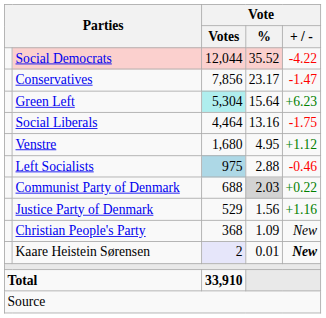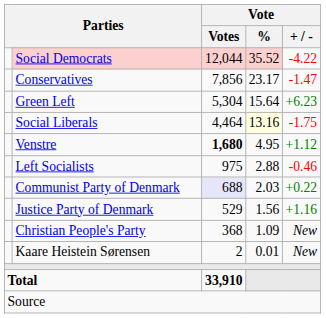 <table class="wikitable" style="text-align:right;">
 <tr>
 <th style="text-align:centre;" rowspan="2" colspan="2" width="225">Parties</th>
 <th colspan="3">Vote</th>
 </tr>
 <tr>
 <th width="15">Votes</th>
 <th width="15">%</th>
 <th width="15">+ / -</th>
 </tr>
 <tr>
 <td width="2" style="color:inherit;background:"></td>
 <td bgcolor=#fbd0ce  align="left"><a href='#'>Social Democrats</a></td>
 <td bgcolor=#fbd0ce>12,044</td>
 <td bgcolor=#fbd0ce>35.52</td>
 <td style=color:red;>-4.22</td>
 </tr>
 <tr>
 <td width="2" style="color:inherit;background:"></td>
 <td align="left"><a href='#'>Conservatives</a></td>
 <td>7,856</td>
 <td>23.17</td>
 <td style=color:red;>-1.47</td>
 </tr>
 <tr>
 <td width="2" style="color:inherit;background:"></td>
 <td align="left"><a href='#'>Green Left</a></td>
-<td style="background: paleturquoise;">5,304</td>
+<td>5,304</td>
 <td>15.64</td>
 <td style=color:green;>+6.23</td>
 </tr>
 <tr>
 <td width="2" style="color:inherit;background:"></td>
 <td align="left"><a href='#'>Social Liberals</a></td>
 <td>4,464</td>
-<td>13.16</td>
+<td style="background: lightyellow;">13.16</td>
 <td style=color:red;>-1.75</td>
 </tr>
 <tr>
 <td width="2" style="color:inherit;background:"></td>
 <td align="left"><a href='#'>Venstre</a></td>
-<td>1,680</td>
+<td><strong>1,680</strong></td>
 <td>4.95</td>
 <td style=color:green;>+1.12</td>
 </tr>
 <tr>
 <td width="2" style="color:inherit;background:"></td>
 <td align="left"><a href='#'>Left Socialists</a></td>
-<td style="background: lightblue;">975</td>
+<td>975</td>
 <td>2.88</td>
 <td style=color:red;>-0.46</td>
 </tr>
 <tr>
 <td width="2" style="color:inherit;background:"></td>
 <td align="left"><a href='#'>Communist Party of Denmark</a></td>
-<td>688</td>
-<td style="background: lightgrey;">2.03</td>
+<td style="background: lavender;">688</td>
+<td>2.03</td>
 <td style=color:green;>+0.22</td>
 </tr>
 <tr>
 <td width="2" style="color:inherit;background:"></td>
 <td align="left"><a href='#'>Justice Party of Denmark</a></td>
 <td>529</td>
 <td>1.56</td>
 <td style=color:green;>+1.16</td>
 </tr>
 <tr>
 <td width="2" style="color:inherit;background:"></td>
 <td align="left"><a href='#'>Christian People's Party</a></td>
 <td>368</td>
 <td>1.09</td>
 <td><em>New</em></td>
 </tr>
 <tr>
 <td width="2" style="color:inherit;background:"></td>
 <td align="left">Kaare Heistein Sørensen</td>
-<td style="background: lavender;">2</td>
+<td>2</td>
 <td>0.01</td>
-<td><strong><em>New</em></strong></td>
+<td><em>New</em></td>
 </tr>
 <tr>
 <td colspan="7" bgcolor="#E9E9E9"></td>
 </tr>
 <tr>
 <td align="left" colspan="2"><strong>Total</strong></td>
 <td><strong>33,910</strong></td>
 <td bgcolor="#E9E9E9" colspan="2"></td>
 </tr>
 <tr>
 <td align="left" colspan="6">Source</td>
 </tr>
 </table>
